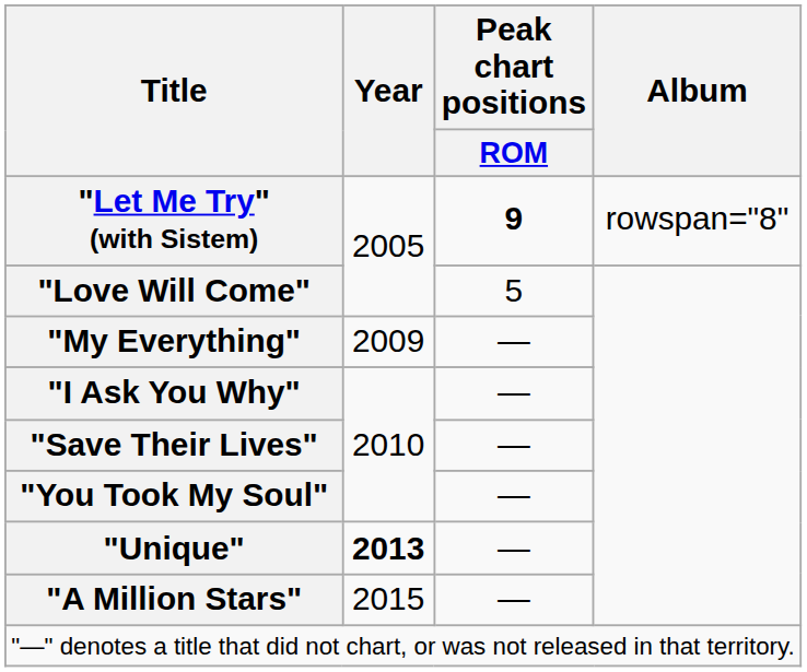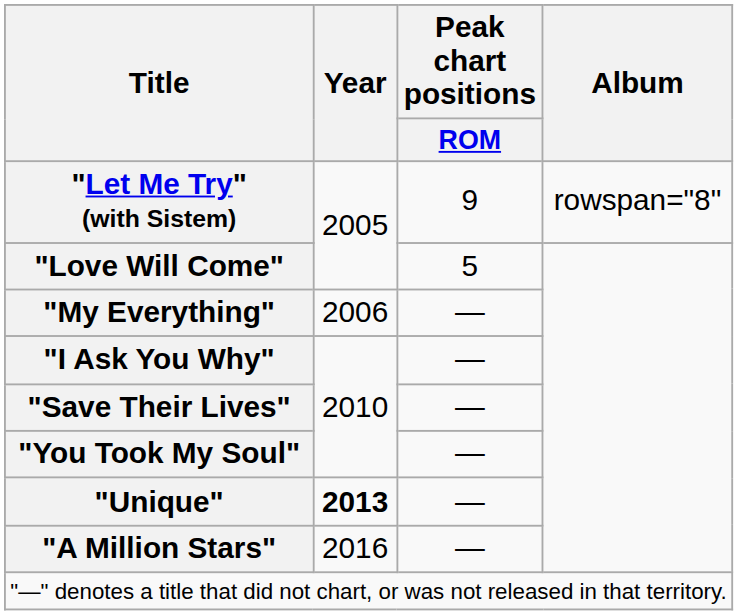 <table class="wikitable plainrowheaders" style="text-align:center;">
 <tr>
 <th scope="col" rowspan="2">Title</th>
 <th scope="col" rowspan="2">Year</th>
 <th scope="col" colspan="1">Peak chart positions</th>
 <th scope="col" rowspan="2">Album</th>
 </tr>
 <tr>
 <th scope="col" style="width:3em;font-size:90%;"><a href='#'>ROM</a><br></th>
 </tr>
 <tr>
 <th scope="row">"<a href='#'>Let Me Try</a>"<br><small>(with Sistem)</small></th>
 <td rowspan="2">2005</td>
-<td><strong>9</strong></td>
+<td>9</td>
 <td>rowspan="8" </td>
 </tr>
 <tr>
 <th scope="row">"Love Will Come"</th>
 <td>5</td>
 </tr>
 <tr>
 <th scope="row">"My Everything"</th>
-<td rowspan="1">2009</td>
+<td rowspan="1">2006</td>
 <td>—</td>
 </tr>
 <tr>
 <th scope="row">"I Ask You Why"</th>
 <td rowspan="3">2010</td>
 <td>—</td>
 </tr>
 <tr>
 <th scope="row">"Save Their Lives"</th>
 <td>—</td>
 </tr>
 <tr>
 <th scope="row">"You Took My Soul"</th>
 <td>—</td>
 </tr>
 <tr>
 <th scope="row">"Unique"</th>
 <td rowspan="1"><strong>2013</strong></td>
 <td>—</td>
 </tr>
 <tr>
 <th scope="row">"A Million Stars"</th>
-<td rowspan="1">2015</td>
+<td rowspan="1">2016</td>
 <td>—</td>
 </tr>
 <tr>
 <td colspan="4" style="font-size:9pt">"—" denotes a title that did not chart, or was not released in that territory.</td>
 </tr>
 </table>
